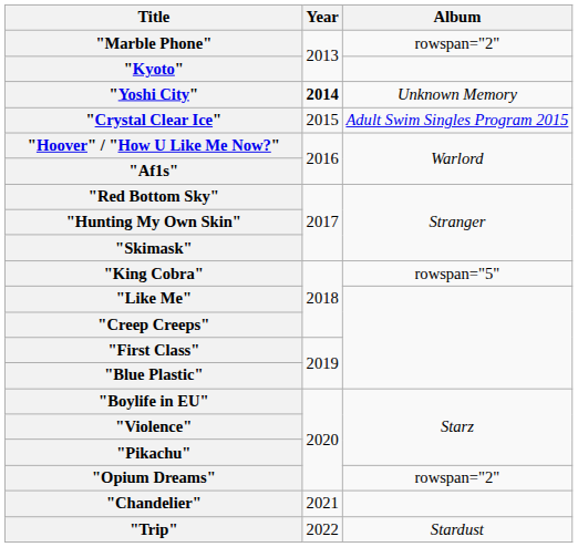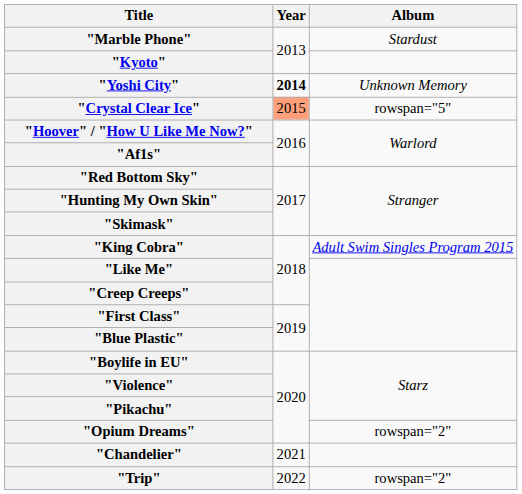 <table class="wikitable plainrowheaders" style="text-align:center;">
 <tr>
 <th scope="col" style="width:18em;">Title</th>
 <th scope="col">Year</th>
 <th scope="col">Album</th>
 </tr>
 <tr>
 <th scope="row">"Marble Phone"<br></th>
 <td rowspan="2">2013</td>
-<td>rowspan="2" </td>
+<td><em>Stardust</em></td>
 </tr>
 <tr>
 <th scope="row">"<a href='#'>Kyoto</a>"</th>
 </tr>
 <tr>
 <th scope="row">"<a href='#'>Yoshi City</a>"</th>
 <td><strong>2014</strong></td>
 <td><em>Unknown Memory</em></td>
 </tr>
 <tr>
 <th scope="row">"<a href='#'>Crystal Clear Ice</a>"</th>
-<td>2015</td>
-<td><em><a href='#'>Adult Swim Singles Program 2015</a></em></td>
+<td style="background: lightsalmon;">2015</td>
+<td>rowspan="5" </td>
 </tr>
 <tr>
 <th scope="row">"<a href='#'>Hoover</a>" / "<a href='#'>How U Like Me Now?</a>"<br></th>
 <td rowspan="2">2016</td>
 <td rowspan="2"><em>Warlord</em></td>
 </tr>
 <tr>
 <th scope="row">"Af1s"<br></th>
 </tr>
 <tr>
 <th scope="row">"Red Bottom Sky"</th>
 <td rowspan="3">2017</td>
 <td rowspan="3"><em>Stranger</em></td>
 </tr>
 <tr>
 <th scope="row">"Hunting My Own Skin"</th>
 </tr>
 <tr>
 <th scope="row">"Skimask"</th>
 </tr>
 <tr>
 <th scope="row">"King Cobra"<br></th>
 <td rowspan="3">2018</td>
-<td>rowspan="5" </td>
+<td><em><a href='#'>Adult Swim Singles Program 2015</a></em></td>
 </tr>
 <tr>
 <th scope="row">"Like Me"<br></th>
 </tr>
 <tr>
 <th scope="row">"Creep Creeps"</th>
 </tr>
 <tr>
 <th scope="row">"First Class"<br></th>
 <td rowspan="2">2019</td>
 </tr>
 <tr>
 <th scope="row">"Blue Plastic"</th>
 </tr>
 <tr>
 <th scope="row">"Boylife in EU"</th>
 <td rowspan="4">2020</td>
 <td rowspan="3"><em>Starz</em></td>
 </tr>
 <tr>
 <th scope="row">"Violence"</th>
 </tr>
 <tr>
 <th scope="row">"Pikachu"</th>
 </tr>
 <tr>
 <th scope="row">"Opium Dreams"<br></th>
 <td>rowspan="2" </td>
 </tr>
 <tr>
 <th scope="row">"Chandelier"</th>
 <td>2021</td>
 </tr>
 <tr>
 <th scope="row">"Trip"</th>
 <td>2022</td>
-<td><em>Stardust</em></td>
+<td>rowspan="2" </td>
 </tr>
 </table>
